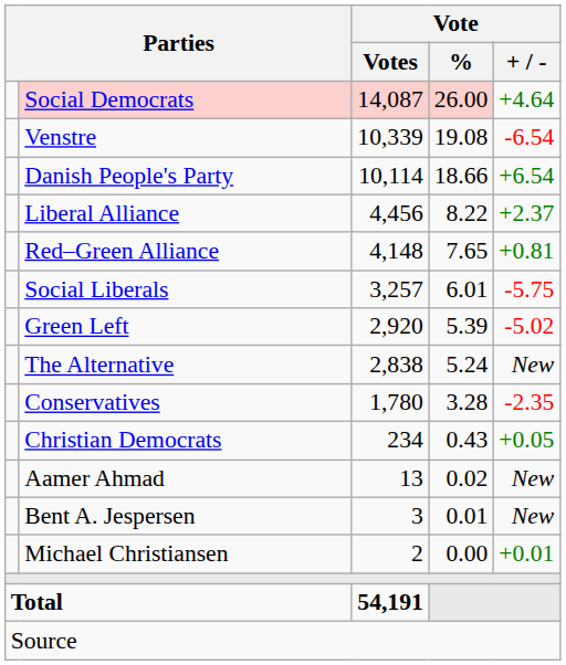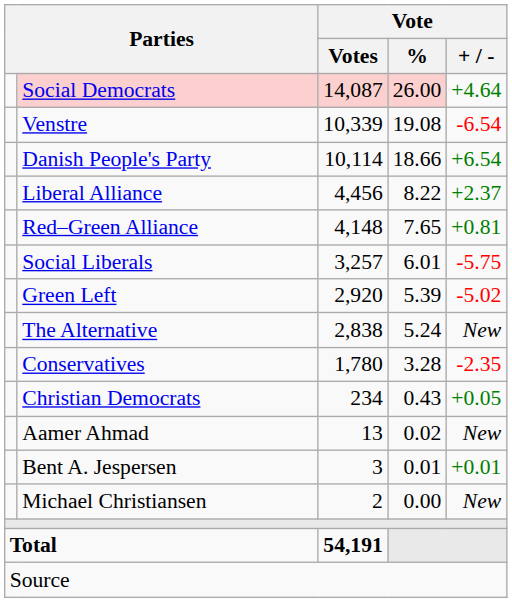 <table class="wikitable" style="text-align:right;">
 <tr>
 <th style="text-align:centre;" rowspan="2" colspan="2" width="225">Parties</th>
 <th colspan="3">Vote</th>
 </tr>
 <tr>
 <th width="15">Votes</th>
 <th width="15">%</th>
 <th width="15">+ / -</th>
 </tr>
 <tr>
 <td width="2" style="color:inherit;background:"></td>
 <td bgcolor=#fbd0ce  align="left"><a href='#'>Social Democrats</a></td>
 <td bgcolor=#fbd0ce>14,087</td>
 <td bgcolor=#fbd0ce>26.00</td>
 <td style=color:green;>+4.64</td>
 </tr>
 <tr>
 <td width="2" style="color:inherit;background:"></td>
 <td align="left"><a href='#'>Venstre</a></td>
 <td>10,339</td>
 <td>19.08</td>
 <td style=color:red;>-6.54</td>
 </tr>
 <tr>
 <td width="2" style="color:inherit;background:"></td>
 <td align="left"><a href='#'>Danish People's Party</a></td>
 <td>10,114</td>
 <td>18.66</td>
 <td style=color:green;>+6.54</td>
 </tr>
 <tr>
 <td width="2" style="color:inherit;background:"></td>
 <td align="left"><a href='#'>Liberal Alliance</a></td>
 <td>4,456</td>
 <td>8.22</td>
 <td style=color:green;>+2.37</td>
 </tr>
 <tr>
 <td width="2" style="color:inherit;background:"></td>
 <td align="left"><a href='#'>Red–Green Alliance</a></td>
 <td>4,148</td>
 <td>7.65</td>
 <td style=color:green;>+0.81</td>
 </tr>
 <tr>
 <td width="2" style="color:inherit;background:"></td>
 <td align="left"><a href='#'>Social Liberals</a></td>
 <td>3,257</td>
 <td>6.01</td>
 <td style=color:red;>-5.75</td>
 </tr>
 <tr>
 <td width="2" style="color:inherit;background:"></td>
 <td align="left"><a href='#'>Green Left</a></td>
 <td>2,920</td>
 <td>5.39</td>
 <td style=color:red;>-5.02</td>
 </tr>
 <tr>
 <td width="2" style="color:inherit;background:"></td>
 <td align="left"><a href='#'>The Alternative</a></td>
 <td>2,838</td>
 <td>5.24</td>
 <td><em>New</em></td>
 </tr>
 <tr>
 <td width="2" style="color:inherit;background:"></td>
 <td align="left"><a href='#'>Conservatives</a></td>
 <td>1,780</td>
 <td>3.28</td>
 <td style=color:red;>-2.35</td>
 </tr>
 <tr>
 <td width="2" style="color:inherit;background:"></td>
 <td align="left"><a href='#'>Christian Democrats</a></td>
 <td>234</td>
 <td>0.43</td>
 <td style=color:green;>+0.05</td>
 </tr>
 <tr>
 <td width="2" style="color:inherit;background:"></td>
 <td align="left">Aamer Ahmad</td>
 <td>13</td>
 <td>0.02</td>
 <td><em>New</em></td>
 </tr>
 <tr>
 <td width="2" style="color:inherit;background:"></td>
 <td align="left">Bent A. Jespersen</td>
 <td>3</td>
 <td>0.01</td>
-<td><em>New</em></td>
+<td style=color:green;>+0.01</td>
 </tr>
 <tr>
 <td width="2" style="color:inherit;background:"></td>
 <td align="left">Michael Christiansen</td>
 <td>2</td>
 <td>0.00</td>
-<td style=color:green;>+0.01</td>
+<td><em>New</em></td>
 </tr>
 <tr>
 <td colspan="7" bgcolor="#E9E9E9"></td>
 </tr>
 <tr>
 <td align="left" colspan="2"><strong>Total</strong></td>
 <td><strong>54,191</strong></td>
 <td bgcolor="#E9E9E9" colspan="2"></td>
 </tr>
 <tr>
 <td align="left" colspan="6">Source</td>
 </tr>
 </table>
